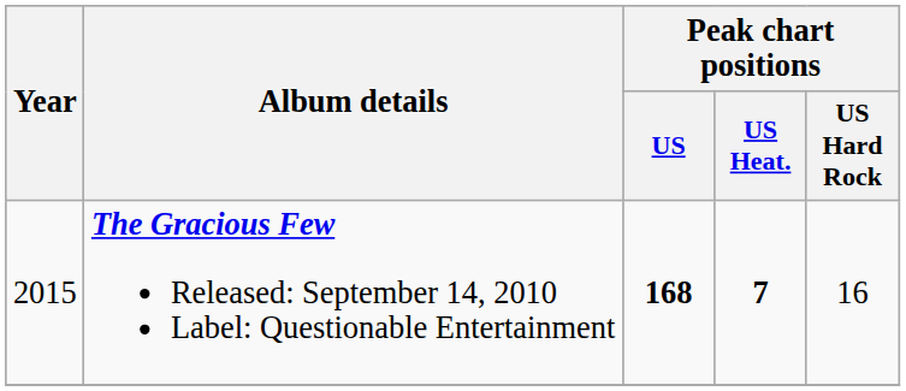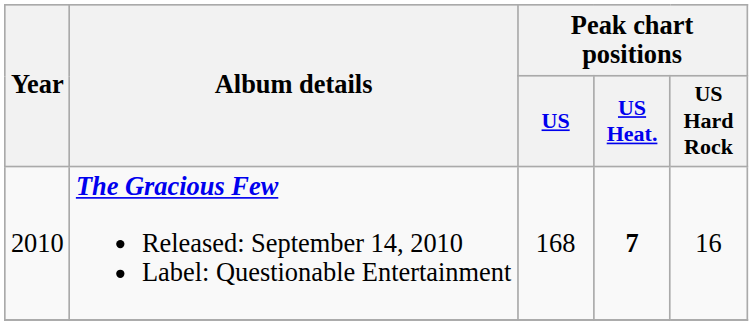 <table class="wikitable">
 <tr>
 <th rowspan="2">Year</th>
 <th rowspan="2">Album details</th>
 <th colspan="3">Peak chart positions</th>
 </tr>
 <tr style="font-size:smaller;">
 <th width="40"><a href='#'>US</a></th>
 <th width="40"><a href='#'>US<br>Heat.</a></th>
 <th width="40">US<br>Hard Rock</th>
 </tr>
 <tr>
-<td>2015</td>
+<td>2010</td>
 <td><strong><em><a href='#'>The Gracious Few</a></em></strong><br><ul><li>Released: September 14, 2010</li><li>Label: Questionable Entertainment</li></ul></td>
-<td align="center"><strong>168</strong></td>
+<td align="center">168</td>
 <td align="center"><strong>7</strong></td>
 <td align="center">16</td>
 </tr>
 <tr>
 </tr>
 </table>
